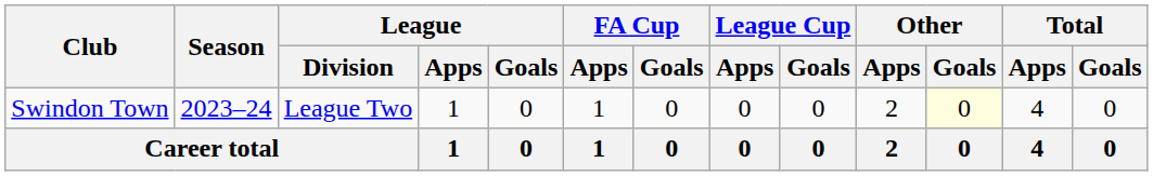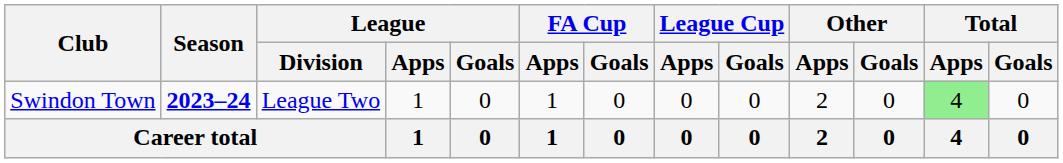 <table class="wikitable" style="text-align:center">
 <tr>
 <th rowspan="2">Club</th>
 <th rowspan="2">Season</th>
 <th colspan="3">League</th>
 <th colspan="2"><a href='#'>FA Cup</a></th>
 <th colspan="2"><a href='#'>League Cup</a></th>
 <th colspan="2">Other</th>
 <th colspan="2">Total</th>
 </tr>
 <tr>
 <th>Division</th>
 <th>Apps</th>
 <th>Goals</th>
 <th>Apps</th>
 <th>Goals</th>
 <th>Apps</th>
 <th>Goals</th>
 <th>Apps</th>
 <th>Goals</th>
 <th>Apps</th>
 <th>Goals</th>
 </tr>
 <tr>
 <td rowspan="1"><a href='#'>Swindon Town</a></td>
-<td><a href='#'>2023–24</a></td>
+<td><strong><a href='#'>2023–24</a></strong></td>
 <td><a href='#'>League Two</a></td>
 <td>1</td>
 <td>0</td>
 <td>1</td>
 <td>0</td>
 <td>0</td>
 <td>0</td>
 <td>2</td>
-<td style="background: lightyellow;">0</td>
-<td>4</td>
+<td>0</td>
+<td style="background: lightgreen;">4</td>
 <td>0</td>
 </tr>
 <tr>
 <th colspan=3>Career total</th>
 <th>1</th>
 <th>0</th>
 <th>1</th>
 <th>0</th>
 <th>0</th>
 <th>0</th>
 <th>2</th>
 <th>0</th>
 <th>4</th>
 <th>0</th>
 </tr>
 </table>
